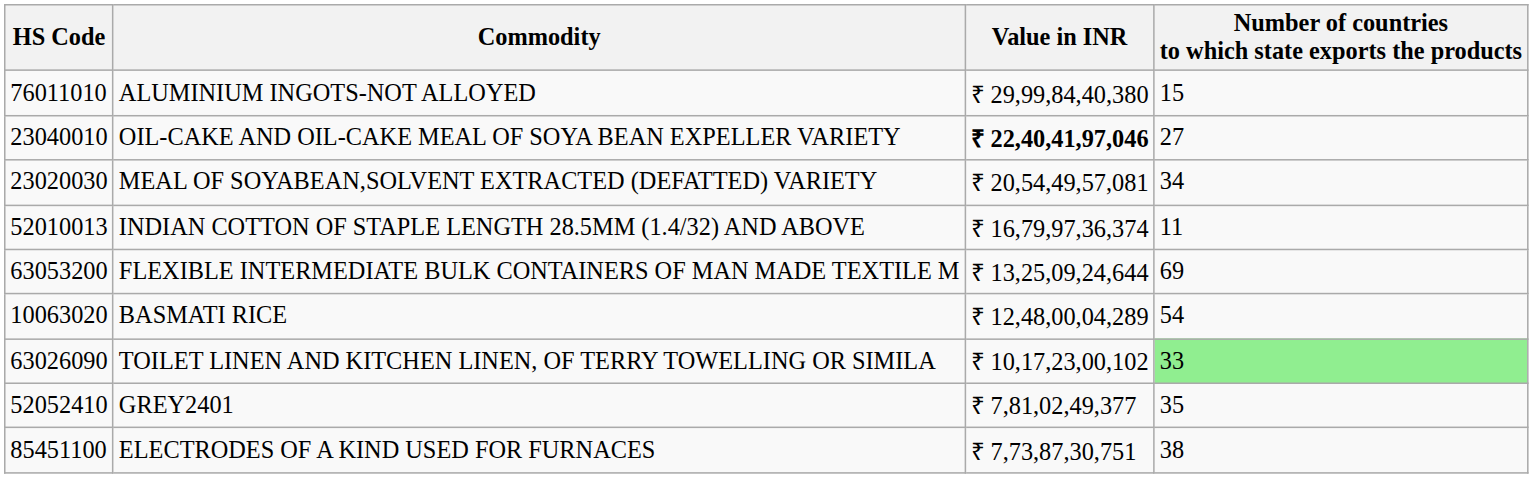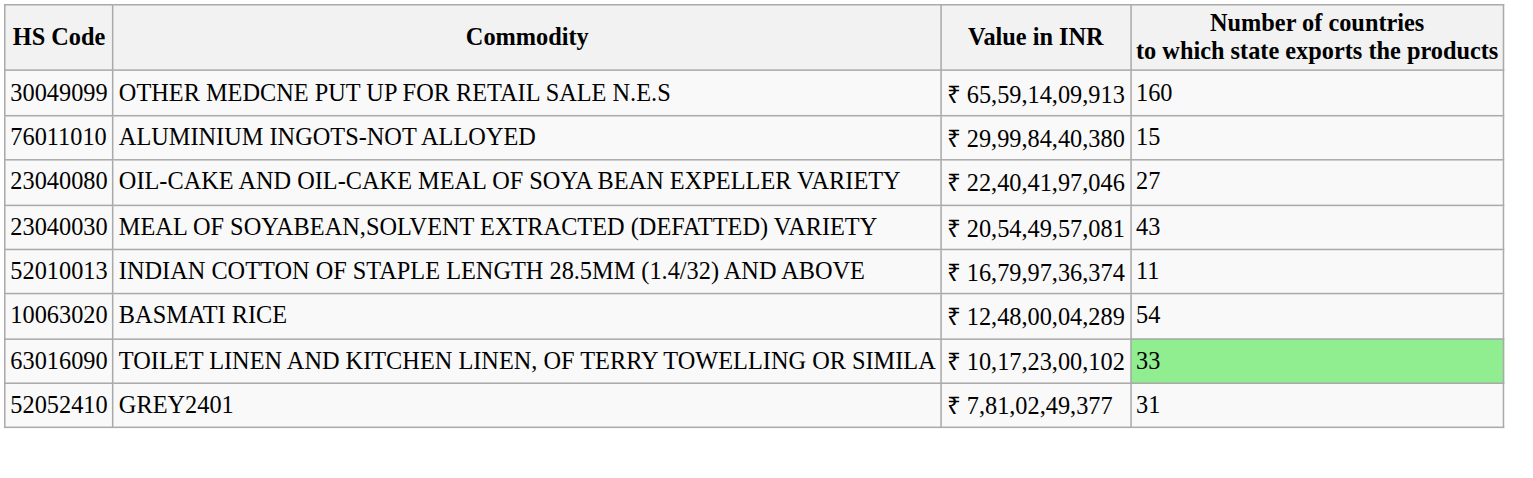 <table class="wikitable">
 <tr>
 <th>HS Code</th>
 <th>Commodity</th>
 <th>Value in INR</th>
 <th>Number of countries<br>to which state  exports the products</th>
 </tr>
 <tr>
+<td>30049099</td>
+<td>OTHER MEDCNE PUT UP FOR RETAIL SALE N.E.S</td>
+<td>₹ 65,59,14,09,913</td>
+<td>160</td>
+</tr>
+<tr>
 <td>76011010</td>
 <td>ALUMINIUM INGOTS-NOT ALLOYED</td>
 <td>₹ 29,99,84,40,380</td>
 <td>15</td>
 </tr>
 <tr>
-<td>23040010</td>
+<td>23040080</td>
 <td>OIL-CAKE AND OIL-CAKE MEAL OF SOYA BEAN EXPELLER VARIETY</td>
-<td><strong>₹ 22,40,41,97,046</strong></td>
+<td>₹ 22,40,41,97,046</td>
 <td>27</td>
 </tr>
 <tr>
-<td>23020030</td>
+<td>23040030</td>
 <td>MEAL OF SOYABEAN,SOLVENT EXTRACTED (DEFATTED) VARIETY</td>
 <td>₹ 20,54,49,57,081</td>
-<td>34</td>
+<td>43</td>
 </tr>
 <tr>
 <td>52010013</td>
 <td>INDIAN COTTON OF STAPLE LENGTH 28.5MM (1.4/32) AND ABOVE</td>
 <td>₹ 16,79,97,36,374</td>
 <td>11</td>
 </tr>
 <tr>
-<td>63053200</td>
-<td>FLEXIBLE INTERMEDIATE BULK CONTAINERS OF MAN MADE TEXTILE M</td>
-<td>₹ 13,25,09,24,644</td>
-<td>69</td>
-</tr>
-<tr>
 <td>10063020</td>
 <td>BASMATI RICE</td>
 <td>₹ 12,48,00,04,289</td>
 <td>54</td>
 </tr>
 <tr>
-<td>63026090</td>
+<td>63016090</td>
 <td>TOILET LINEN AND KITCHEN LINEN, OF TERRY TOWELLING OR SIMILA</td>
 <td>₹ 10,17,23,00,102</td>
 <td style="background: lightgreen;">33</td>
 </tr>
 <tr>
 <td>52052410</td>
 <td>GREY2401</td>
 <td>₹ 7,81,02,49,377</td>
-<td>35</td>
-</tr>
-<tr>
-<td>85451100</td>
-<td>ELECTRODES OF A KIND USED FOR FURNACES</td>
-<td>₹ 7,73,87,30,751</td>
-<td>38</td>
+<td>31</td>
 </tr>
 </table>
